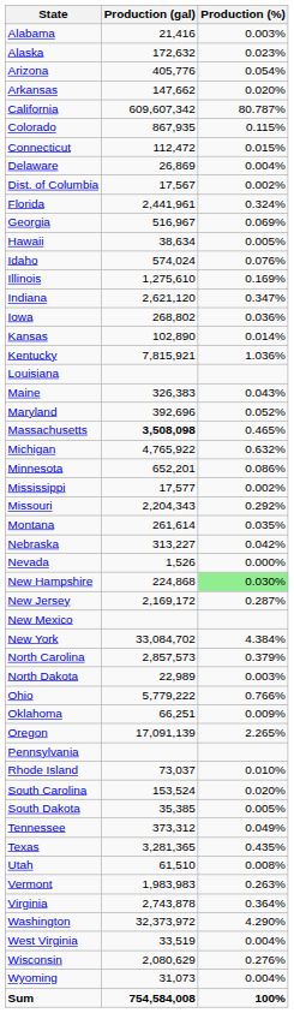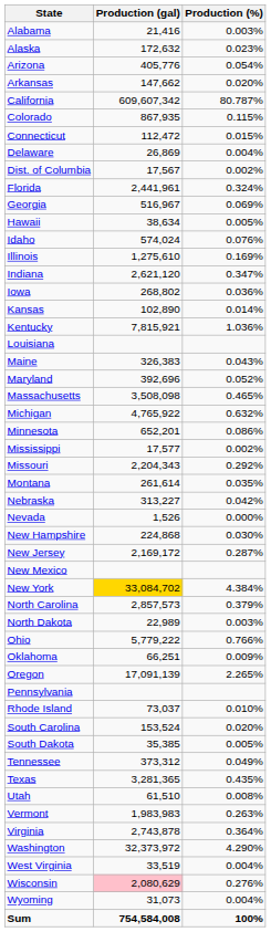 <table class="wikitable sortable">
 <tr>
 <th scope="col">State</th>
 <th scope="col">Production (gal)</th>
 <th scope="col">Production (%)</th>
 </tr>
 <tr>
 <td><a href='#'>Alabama</a></td>
 <td style="text-align:right;">21,416</td>
 <td style="text-align:right;">0.003%</td>
 </tr>
 <tr>
 <td><a href='#'>Alaska</a></td>
 <td style="text-align:right;">172,632</td>
 <td style="text-align:right;">0.023%</td>
 </tr>
 <tr>
 <td><a href='#'>Arizona</a></td>
 <td style="text-align:right;">405,776</td>
 <td style="text-align:right;">0.054%</td>
 </tr>
 <tr>
 <td><a href='#'>Arkansas</a></td>
 <td style="text-align:right;">147,662</td>
 <td style="text-align:right;">0.020%</td>
 </tr>
 <tr>
 <td><a href='#'>California</a></td>
 <td style="text-align:right;">609,607,342</td>
 <td style="text-align:right;">80.787%</td>
 </tr>
 <tr>
 <td><a href='#'>Colorado</a></td>
 <td style="text-align:right;">867,935</td>
 <td style="text-align:right;">0.115%</td>
 </tr>
 <tr>
 <td><a href='#'>Connecticut</a></td>
 <td style="text-align:right;">112,472</td>
 <td style="text-align:right;">0.015%</td>
 </tr>
 <tr>
 <td><a href='#'>Delaware</a></td>
 <td style="text-align:right;">26,869</td>
 <td style="text-align:right;">0.004%</td>
 </tr>
 <tr>
 <td><a href='#'>Dist. of Columbia</a></td>
 <td style="text-align:right;">17,567</td>
 <td style="text-align:right;">0.002%</td>
 </tr>
 <tr>
 <td><a href='#'>Florida</a></td>
 <td style="text-align:right;">2,441,961</td>
 <td style="text-align:right;">0.324%</td>
 </tr>
 <tr>
 <td><a href='#'>Georgia</a></td>
 <td style="text-align:right;">516,967</td>
 <td style="text-align:right;">0.069%</td>
 </tr>
 <tr>
 <td><a href='#'>Hawaii</a></td>
 <td style="text-align:right;">38,634</td>
 <td style="text-align:right;">0.005%</td>
 </tr>
 <tr>
 <td><a href='#'>Idaho</a></td>
 <td style="text-align:right;">574,024</td>
 <td style="text-align:right;">0.076%</td>
 </tr>
 <tr>
 <td><a href='#'>Illinois</a></td>
 <td style="text-align:right;">1,275,610</td>
 <td style="text-align:right;">0.169%</td>
 </tr>
 <tr>
 <td><a href='#'>Indiana</a></td>
 <td style="text-align:right;">2,621,120</td>
 <td style="text-align:right;">0.347%</td>
 </tr>
 <tr>
 <td><a href='#'>Iowa</a></td>
 <td style="text-align:right;">268,802</td>
 <td style="text-align:right;">0.036%</td>
 </tr>
 <tr>
 <td><a href='#'>Kansas</a></td>
 <td style="text-align:right;">102,890</td>
 <td style="text-align:right;">0.014%</td>
 </tr>
 <tr>
 <td><a href='#'>Kentucky</a></td>
 <td style="text-align:right;">7,815,921</td>
 <td style="text-align:right;">1.036%</td>
 </tr>
 <tr>
 <td><a href='#'>Louisiana</a></td>
 <td style="text-align:right;"></td>
 <td style="text-align:right;"></td>
 </tr>
 <tr>
 <td><a href='#'>Maine</a></td>
 <td style="text-align:right;">326,383</td>
 <td style="text-align:right;">0.043%</td>
 </tr>
 <tr>
 <td><a href='#'>Maryland</a></td>
 <td style="text-align:right;">392,696</td>
 <td style="text-align:right;">0.052%</td>
 </tr>
 <tr>
 <td><a href='#'>Massachusetts</a></td>
-<td style="text-align:right;"><strong>3,508,098</strong></td>
+<td style="text-align:right;">3,508,098</td>
 <td style="text-align:right;">0.465%</td>
 </tr>
 <tr>
 <td><a href='#'>Michigan</a></td>
 <td style="text-align:right;">4,765,922</td>
 <td style="text-align:right;">0.632%</td>
 </tr>
 <tr>
 <td><a href='#'>Minnesota</a></td>
 <td style="text-align:right;">652,201</td>
 <td style="text-align:right;">0.086%</td>
 </tr>
 <tr>
 <td><a href='#'>Mississippi</a></td>
 <td style="text-align:right;">17,577</td>
 <td style="text-align:right;">0.002%</td>
 </tr>
 <tr>
 <td><a href='#'>Missouri</a></td>
 <td style="text-align:right;">2,204,343</td>
 <td style="text-align:right;">0.292%</td>
 </tr>
 <tr>
 <td><a href='#'>Montana</a></td>
 <td style="text-align:right;">261,614</td>
 <td style="text-align:right;">0.035%</td>
 </tr>
 <tr>
 <td><a href='#'>Nebraska</a></td>
 <td style="text-align:right;">313,227</td>
 <td style="text-align:right;">0.042%</td>
 </tr>
 <tr>
 <td><a href='#'>Nevada</a></td>
 <td style="text-align:right;">1,526</td>
 <td style="text-align:right;">0.000%</td>
 </tr>
 <tr>
 <td><a href='#'>New Hampshire</a></td>
 <td style="text-align:right;">224,868</td>
-<td style="background: lightgreen; text-align:right;">0.030%</td>
+<td style="text-align:right;">0.030%</td>
 </tr>
 <tr>
 <td><a href='#'>New Jersey</a></td>
 <td style="text-align:right;">2,169,172</td>
 <td style="text-align:right;">0.287%</td>
 </tr>
 <tr>
 <td><a href='#'>New Mexico</a></td>
 <td style="text-align:right;"></td>
 <td style="text-align:right;"></td>
 </tr>
 <tr>
 <td><a href='#'>New York</a></td>
-<td style="text-align:right;">33,084,702</td>
+<td style="background: gold; text-align:right;">33,084,702</td>
 <td style="text-align:right;">4.384%</td>
 </tr>
 <tr>
 <td><a href='#'>North Carolina</a></td>
 <td style="text-align:right;">2,857,573</td>
 <td style="text-align:right;">0.379%</td>
 </tr>
 <tr>
 <td><a href='#'>North Dakota</a></td>
 <td style="text-align:right;">22,989</td>
 <td style="text-align:right;">0.003%</td>
 </tr>
 <tr>
 <td><a href='#'>Ohio</a></td>
 <td style="text-align:right;">5,779,222</td>
 <td style="text-align:right;">0.766%</td>
 </tr>
 <tr>
 <td><a href='#'>Oklahoma</a></td>
 <td style="text-align:right;">66,251</td>
 <td style="text-align:right;">0.009%</td>
 </tr>
 <tr>
 <td><a href='#'>Oregon</a></td>
 <td style="text-align:right;">17,091,139</td>
 <td style="text-align:right;">2.265%</td>
 </tr>
 <tr>
 <td><a href='#'>Pennsylvania</a></td>
 <td style="text-align:right;"></td>
 <td style="text-align:right;"></td>
 </tr>
 <tr>
 <td><a href='#'>Rhode Island</a></td>
 <td style="text-align:right;">73,037</td>
 <td style="text-align:right;">0.010%</td>
 </tr>
 <tr>
 <td><a href='#'>South Carolina</a></td>
 <td style="text-align:right;">153,524</td>
 <td style="text-align:right;">0.020%</td>
 </tr>
 <tr>
 <td><a href='#'>South Dakota</a></td>
 <td style="text-align:right;">35,385</td>
 <td style="text-align:right;">0.005%</td>
 </tr>
 <tr>
 <td><a href='#'>Tennessee</a></td>
 <td style="text-align:right;">373,312</td>
 <td style="text-align:right;">0.049%</td>
 </tr>
 <tr>
 <td><a href='#'>Texas</a></td>
 <td style="text-align:right;">3,281,365</td>
 <td style="text-align:right;">0.435%</td>
 </tr>
 <tr>
 <td><a href='#'>Utah</a></td>
 <td style="text-align:right;">61,510</td>
 <td style="text-align:right;">0.008%</td>
 </tr>
 <tr>
 <td><a href='#'>Vermont</a></td>
 <td style="text-align:right;">1,983,983</td>
 <td style="text-align:right;">0.263%</td>
 </tr>
 <tr>
 <td><a href='#'>Virginia</a></td>
 <td style="text-align:right;">2,743,878</td>
 <td style="text-align:right;">0.364%</td>
 </tr>
 <tr>
 <td><a href='#'>Washington</a></td>
 <td style="text-align:right;">32,373,972</td>
 <td style="text-align:right;">4.290%</td>
 </tr>
 <tr>
 <td><a href='#'>West Virginia</a></td>
 <td style="text-align:right;">33,519</td>
 <td style="text-align:right;">0.004%</td>
 </tr>
 <tr>
 <td><a href='#'>Wisconsin</a></td>
-<td style="text-align:right;">2,080,629</td>
+<td style="background: pink; text-align:right;">2,080,629</td>
 <td style="text-align:right;">0.276%</td>
 </tr>
 <tr>
 <td><a href='#'>Wyoming</a></td>
 <td style="text-align:right;">31,073</td>
 <td style="text-align:right;">0.004%</td>
 </tr>
 <tr>
 <td><strong>Sum</strong></td>
 <td style="text-align:right;"><strong>754,584,008</strong></td>
 <td style="text-align:right;"><strong>100%</strong></td>
 </tr>
 </table>
